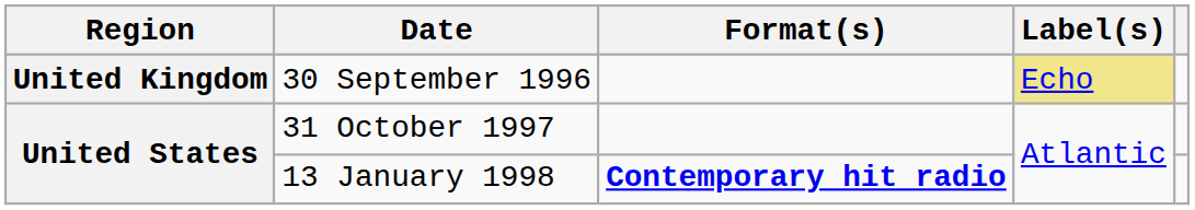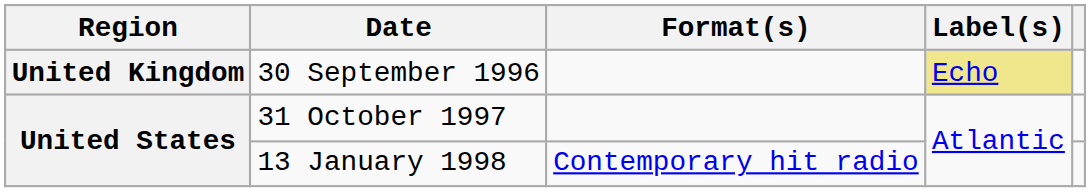 <table class="wikitable plainrowheaders">
 <tr>
 <th scope="col">Region</th>
 <th scope="col">Date</th>
 <th scope="col">Format(s)</th>
 <th scope="col">Label(s)</th>
 <th scope="col"></th>
 </tr>
 <tr>
 <th scope="row">United Kingdom</th>
 <td>30 September 1996</td>
 <td></td>
 <td style="background: khaki;"><a href='#'>Echo</a></td>
 <td></td>
 </tr>
 <tr>
 <th scope="row" rowspan="2">United States</th>
 <td>31 October 1997</td>
 <td></td>
 <td rowspan="2"><a href='#'>Atlantic</a></td>
 <td></td>
 </tr>
 <tr>
 <td>13 January 1998</td>
-<td><strong><a href='#'>Contemporary hit radio</a></strong></td>
+<td><a href='#'>Contemporary hit radio</a></td>
 <td></td>
 </tr>
 </table>
